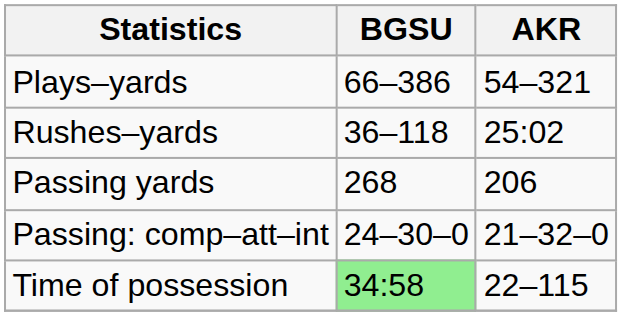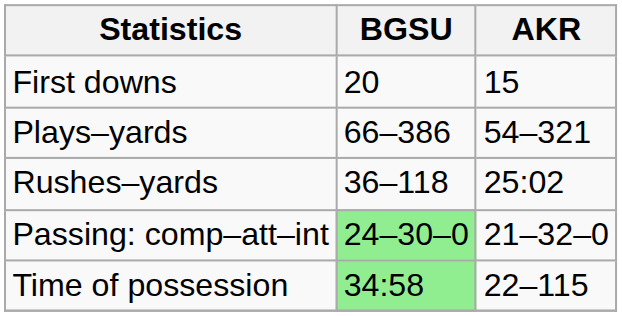 <table class="wikitable" style="float: left;">
 <tr>
 <th>Statistics</th>
 <th>BGSU</th>
 <th>AKR</th>
+</tr>
+<tr>
+<td>First downs</td>
+<td>20</td>
+<td>15</td>
 </tr>
 <tr>
 <td>Plays–yards</td>
 <td>66–386</td>
 <td>54–321</td>
 </tr>
 <tr>
 <td>Rushes–yards</td>
 <td>36–118</td>
 <td>25:02</td>
 </tr>
 <tr>
-<td>Passing yards</td>
-<td>268</td>
-<td>206</td>
-</tr>
-<tr>
 <td>Passing: comp–att–int</td>
-<td>24–30–0</td>
+<td style="background: lightgreen;">24–30–0</td>
 <td>21–32–0</td>
 </tr>
 <tr>
 <td>Time of possession</td>
 <td style="background: lightgreen;">34:58</td>
 <td>22–115</td>
 </tr>
 <tr>
 </tr>
 </table>
